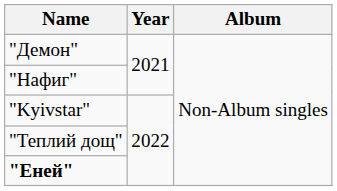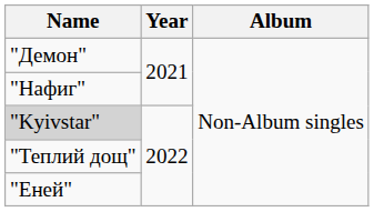 <table class ="wikitable sortable">
 <tr>
 <th>Name</th>
 <th>Year</th>
 <th>Album</th>
 </tr>
 <tr>
 <td>"Демон"</td>
 <td rowspan="2">2021</td>
 <td rowspan="5">Non-Album singles</td>
 </tr>
 <tr>
 <td>"Нафиг"</td>
 </tr>
 <tr>
-<td>"Kyivstar"</td>
+<td style="background: lightgrey;">"Kyivstar"</td>
 <td rowspan="3">2022</td>
 </tr>
 <tr>
 <td>"Теплий дощ"</td>
 </tr>
 <tr>
-<td><strong>"Еней"</strong></td>
+<td>"Еней"</td>
 </tr>
 </table>
